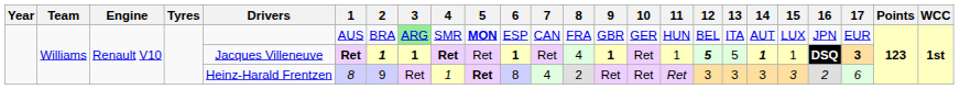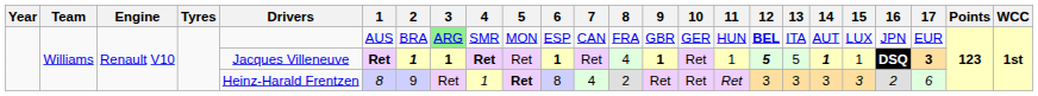 <table class="wikitable" style="text-align:center; font-size:95%">
 <tr>
 <th>Year</th>
 <th>Team</th>
 <th>Engine</th>
 <th>Tyres</th>
 <th>Drivers</th>
 <th>1</th>
 <th>2</th>
 <th>3</th>
 <th>4</th>
 <th>5</th>
 <th>6</th>
 <th>7</th>
 <th>8</th>
 <th>9</th>
 <th>10</th>
 <th>11</th>
 <th>12</th>
 <th>13</th>
 <th>14</th>
 <th>15</th>
 <th>16</th>
 <th>17</th>
 <th>Points</th>
 <th>WCC</th>
 </tr>
 <tr>
 <td rowspan="3"></td>
 <td rowspan="3"><a href='#'>Williams</a></td>
 <td rowspan="3"><a href='#'>Renault</a> <a href='#'>V10</a></td>
 <td rowspan="3"></td>
 <td></td>
 <td><a href='#'>AUS</a></td>
 <td><a href='#'>BRA</a></td>
 <td style="background: lightgreen;"><a href='#'>ARG</a></td>
 <td><a href='#'>SMR</a></td>
-<td><strong><a href='#'>MON</a></strong></td>
+<td><a href='#'>MON</a></td>
 <td><a href='#'>ESP</a></td>
 <td><a href='#'>CAN</a></td>
 <td><a href='#'>FRA</a></td>
 <td><a href='#'>GBR</a></td>
 <td><a href='#'>GER</a></td>
 <td><a href='#'>HUN</a></td>
-<td><a href='#'>BEL</a></td>
+<td><strong><a href='#'>BEL</a></strong></td>
 <td><a href='#'>ITA</a></td>
 <td><a href='#'>AUT</a></td>
 <td><a href='#'>LUX</a></td>
 <td><a href='#'>JPN</a></td>
 <td><a href='#'>EUR</a></td>
 <td style="background:#FFFFBF;" rowspan="3"><strong>123</strong></td>
 <td style="background:#FFFFBF;" rowspan="3"><strong>1st</strong></td>
 </tr>
 <tr>
 <td><a href='#'>Jacques Villeneuve</a></td>
 <td style="background:#EFCFFF;"><strong>Ret</strong></td>
 <td style="background:#FFFFBF;"><strong><em>1</em></strong></td>
 <td style="background:#FFFFBF;"><strong>1</strong></td>
 <td style="background:#EFCFFF;"><strong>Ret</strong></td>
 <td style="background:#EFCFFF;">Ret</td>
 <td style="background:#FFFFBF;"><strong>1</strong></td>
 <td style="background:#EFCFFF;">Ret</td>
 <td style="background:#DFFFDF;">4</td>
 <td style="background:#FFFFBF;"><strong>1</strong></td>
 <td style="background:#EFCFFF;">Ret</td>
 <td style="background:#FFFFBF;">1</td>
 <td style="background:#DFFFDF;"><strong><em>5</em></strong></td>
 <td style="background:#DFFFDF;">5</td>
 <td style="background:#FFFFBF;"><strong><em>1</em></strong></td>
 <td style="background:#FFFFBF;">1</td>
 <td style="background:#000000; color:white"><strong>DSQ</strong></td>
 <td style="background:#FFDF9F;"><strong>3</strong></td>
 </tr>
 <tr>
 <td><a href='#'>Heinz-Harald Frentzen</a></td>
 <td style="background:#CFCFFF;"><em>8</em></td>
 <td style="background:#CFCFFF;">9</td>
 <td style="background:#EFCFFF;">Ret</td>
 <td style="background:#FFFFBF;"><em>1</em></td>
 <td style="background:#EFCFFF;"><strong>Ret</strong></td>
 <td style="background:#CFCFFF;">8</td>
 <td style="background:#DFFFDF;">4</td>
 <td style="background:#DFDFDF;">2</td>
 <td style="background:#EFCFFF;">Ret</td>
 <td style="background:#EFCFFF;">Ret</td>
 <td style="background:#EFCFFF;"><em>Ret</em></td>
 <td style="background:#FFDF9F;">3</td>
 <td style="background:#FFDF9F;">3</td>
 <td style="background:#FFDF9F;">3</td>
 <td style="background:#FFDF9F;"><em>3</em></td>
 <td style="background:#DFDFDF;"><em>2</em></td>
 <td style="background:#DFFFDF;"><em>6</em></td>
 </tr>
 </table>
